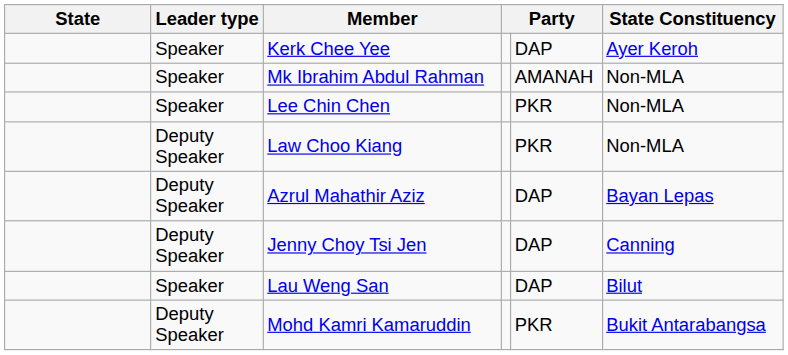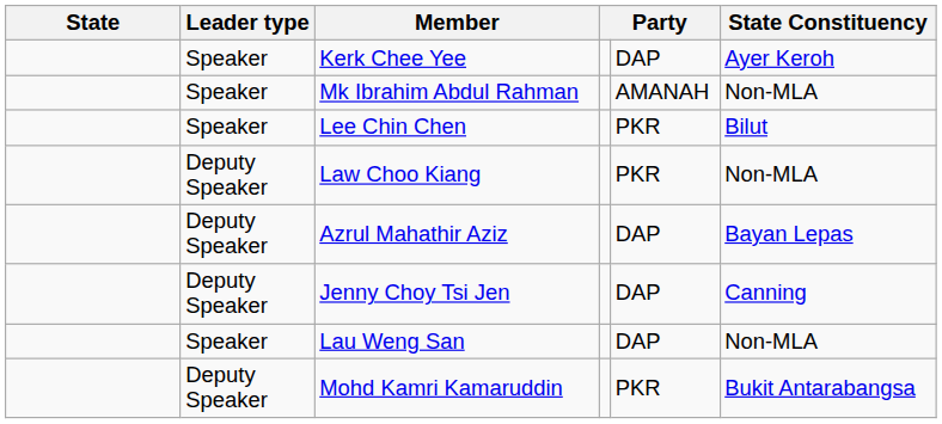 <table class ="wikitable sortable">
 <tr>
 <th style="width:120px;">State</th>
 <th style="width:90px;">Leader type</th>
 <th style="width:200px;">Member</th>
 <th style="width:80px;" colspan=2>Party</th>
 <th style="width:150px;">State Constituency</th>
 </tr>
 <tr>
 <td></td>
 <td>Speaker</td>
 <td><a href='#'>Kerk Chee Yee</a></td>
 <td></td>
 <td>DAP</td>
 <td><a href='#'>Ayer Keroh</a></td>
 </tr>
 <tr>
 <td></td>
 <td>Speaker</td>
 <td><a href='#'>Mk Ibrahim Abdul Rahman</a></td>
 <td></td>
 <td>AMANAH</td>
 <td>Non-MLA</td>
 </tr>
 <tr>
 <td></td>
 <td>Speaker</td>
 <td><a href='#'>Lee Chin Chen</a></td>
 <td></td>
 <td>PKR</td>
-<td>Non-MLA</td>
+<td><a href='#'>Bilut</a></td>
 </tr>
 <tr>
 <td></td>
 <td>Deputy Speaker</td>
 <td><a href='#'>Law Choo Kiang</a></td>
 <td></td>
 <td>PKR</td>
 <td>Non-MLA</td>
 </tr>
 <tr>
 <td></td>
 <td>Deputy Speaker</td>
 <td><a href='#'>Azrul Mahathir Aziz</a></td>
 <td></td>
 <td>DAP</td>
 <td><a href='#'>Bayan Lepas</a></td>
 </tr>
 <tr>
 <td></td>
 <td>Deputy Speaker</td>
 <td><a href='#'>Jenny Choy Tsi Jen</a></td>
 <td></td>
 <td>DAP</td>
 <td><a href='#'>Canning</a></td>
 </tr>
 <tr>
 <td></td>
 <td>Speaker</td>
 <td><a href='#'>Lau Weng San</a></td>
 <td></td>
 <td>DAP</td>
-<td><a href='#'>Bilut</a></td>
+<td>Non-MLA</td>
 </tr>
 <tr>
 <td></td>
 <td>Deputy Speaker</td>
 <td><a href='#'>Mohd Kamri Kamaruddin</a></td>
 <td></td>
 <td>PKR</td>
 <td><a href='#'>Bukit Antarabangsa</a></td>
 </tr>
 </table>
